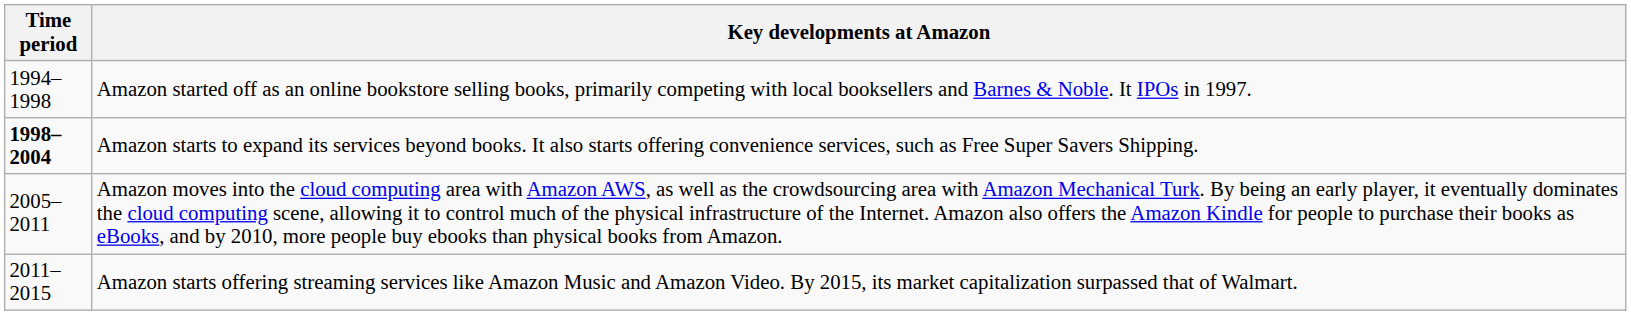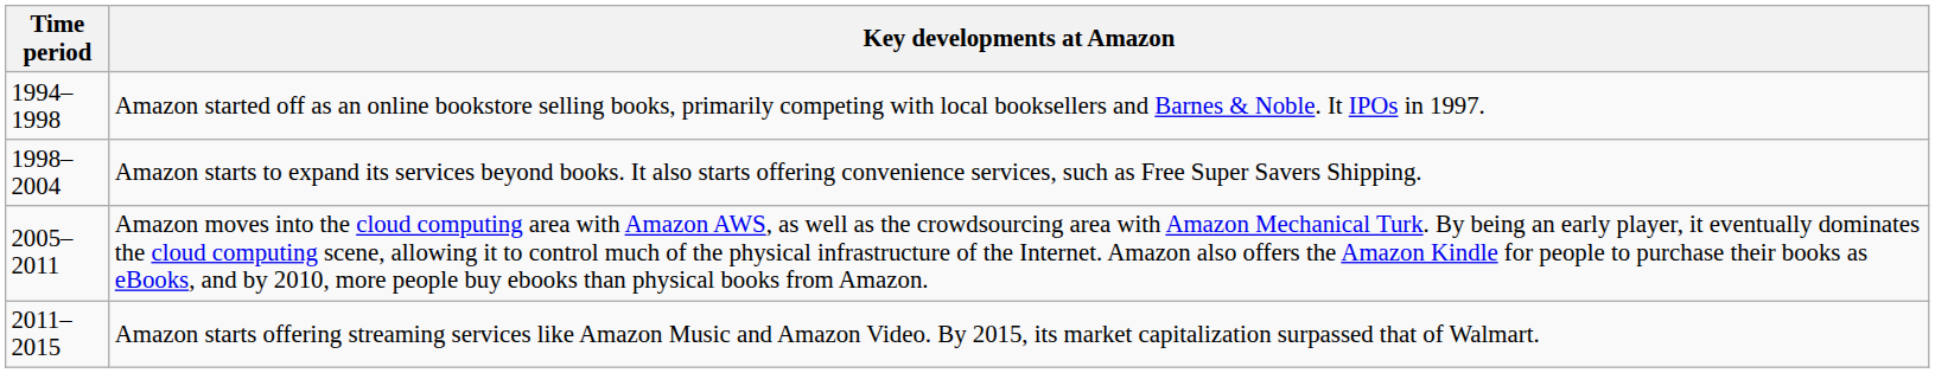 <table class="wikitable sortable">
 <tr>
 <th>Time period</th>
 <th class="unsortable">Key developments at Amazon</th>
 </tr>
 <tr>
 <td>1994–1998</td>
 <td>Amazon started off as an online bookstore selling books, primarily competing with local booksellers and <a href='#'>Barnes & Noble</a>. It <a href='#'>IPOs</a> in 1997.</td>
 </tr>
 <tr>
-<td><strong>1998–2004</strong></td>
+<td>1998–2004</td>
 <td>Amazon starts to expand its services beyond books. It also starts offering convenience services, such as Free Super Savers Shipping.</td>
 </tr>
 <tr>
 <td>2005–2011</td>
 <td>Amazon moves into the <a href='#'>cloud computing</a> area with <a href='#'>Amazon AWS</a>, as well as the crowdsourcing area with <a href='#'>Amazon Mechanical Turk</a>. By being an early player, it eventually dominates the <a href='#'>cloud computing</a> scene, allowing it to control much of the physical infrastructure of the Internet. Amazon also offers the <a href='#'>Amazon Kindle</a> for people to purchase their books as <a href='#'>eBooks</a>, and by 2010, more people buy ebooks than physical books from Amazon.</td>
 </tr>
 <tr>
 <td>2011–2015</td>
 <td>Amazon starts offering streaming services like Amazon Music and Amazon Video. By 2015, its market capitalization surpassed that of Walmart.</td>
 </tr>
 </table>
